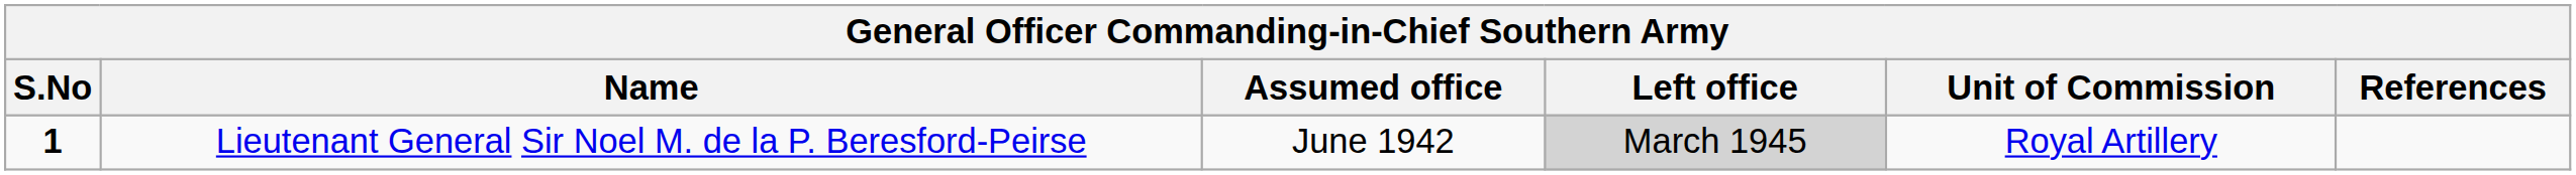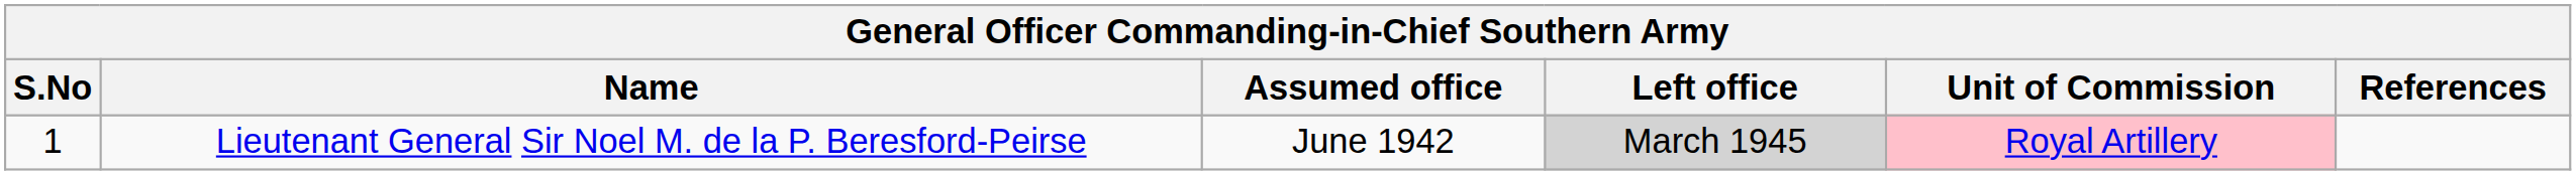 <table class="wikitable sortable" style="text-align:center">
 <tr>
 <th colspan="6"><strong>General Officer Commanding-in-Chief Southern Army</strong></th>
 </tr>
 <tr style="background:#cccccc">
 <th scope="col" style="width: 20px;">S.No</th>
 <th scope="col" style="width: 500px;">Name</th>
 <th scope="col" style="width: 150px;">Assumed office</th>
 <th scope="col" style="width: 150px;">Left office</th>
 <th scope="col" style="width: 200px;">Unit of Commission</th>
 <th scope="col" style="width: 100px;">References</th>
 </tr>
 <tr>
-<td><strong>1</strong></td>
+<td>1</td>
 <td><a href='#'>Lieutenant General</a> <a href='#'>Sir Noel M. de la P. Beresford-Peirse</a> </td>
 <td>June 1942</td>
 <td style="background: lightgrey;">March 1945</td>
-<td><a href='#'>Royal Artillery</a></td>
+<td style="background: pink;"><a href='#'>Royal Artillery</a></td>
 <td></td>
 </tr>
 </table>
